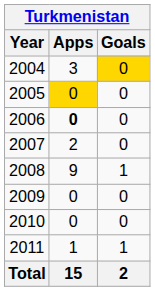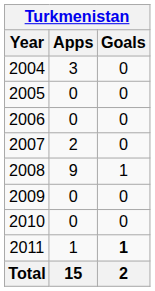 <table class="wikitable" style="text-align:center">
 <tr>
 <th colspan=3><a href='#'>Turkmenistan</a></th>
 </tr>
 <tr>
 <th>Year</th>
 <th>Apps</th>
 <th>Goals</th>
 </tr>
 <tr>
 <td>2004</td>
 <td>3</td>
-<td style="background: gold;">0</td>
+<td>0</td>
 </tr>
 <tr>
 <td>2005</td>
-<td style="background: gold;">0</td>
+<td>0</td>
 <td>0</td>
 </tr>
 <tr>
 <td>2006</td>
-<td><strong>0</strong></td>
+<td>0</td>
 <td>0</td>
 </tr>
 <tr>
 <td>2007</td>
 <td>2</td>
 <td>0</td>
 </tr>
 <tr>
 <td>2008</td>
 <td>9</td>
 <td>1</td>
 </tr>
 <tr>
 <td>2009</td>
 <td>0</td>
 <td>0</td>
 </tr>
 <tr>
 <td>2010</td>
 <td>0</td>
 <td>0</td>
 </tr>
 <tr>
 <td>2011</td>
 <td>1</td>
-<td>1</td>
+<td><strong>1</strong></td>
 </tr>
 <tr>
 <th>Total</th>
 <th>15</th>
 <th>2</th>
 </tr>
 </table>
